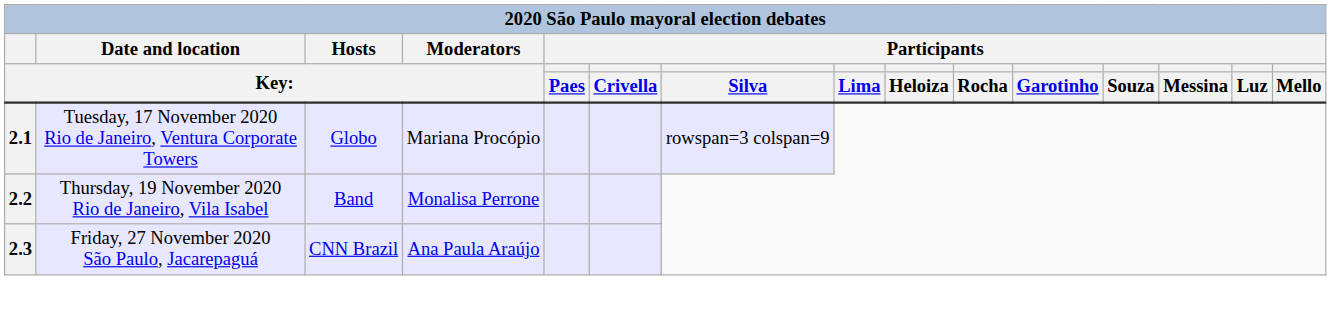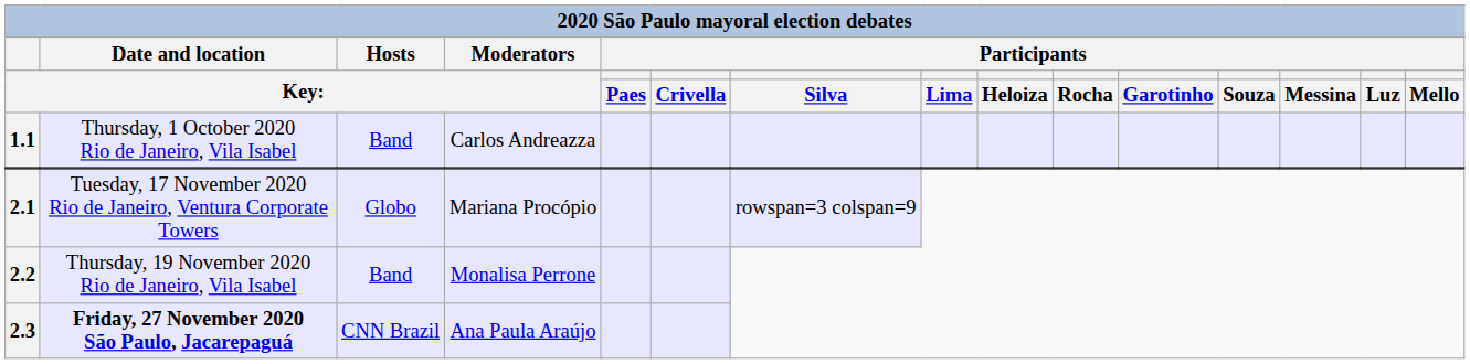 <table class=wikitable style=text-align:center>
 <tr>
 <th colspan=15 style=background:#B0C4DE>2020 São Paulo mayoral election debates</th>
 </tr>
 <tr>
 <th></th>
 <th>Date and location</th>
 <th>Hosts</th>
 <th>Moderators</th>
 <th colspan=11 scope=col>Participants</th>
 </tr>
 <tr>
 <th colspan=4 rowspan=2>Key:<br></th>
 <th scope=col style=background:><small><a href='#'></a></small></th>
 <th scope=col style=background:><small><a href='#'></a></small></th>
 <th scope=col style=background:><small><a href='#'></a></small></th>
 <th scope=col style=background:><small><a href='#'></a></small></th>
 <th scope=col style=background:><small><a href='#'></a></small></th>
 <th scope=col style=background:><small><a href='#'></a></small></th>
 <th scope=col style=background:><small><a href='#'></a></small></th>
 <th scope=col style=background:><small><a href='#'></a></small></th>
 <th scope=col style=background:><small><a href='#'></a></small></th>
 <th scope=col style=background:><small><a href='#'></a></small></th>
 <th scope=col style=background:><small><a href='#'></a></small></th>
 </tr>
 <tr>
 <th><a href='#'>Paes</a></th>
 <th><a href='#'>Crivella</a></th>
 <th><a href='#'>Silva</a></th>
 <th><a href='#'>Lima</a></th>
 <th>Heloiza</th>
 <th>Rocha</th>
 <th><a href='#'>Garotinho</a></th>
 <th>Souza</th>
 <th>Messina</th>
 <th>Luz</th>
 <th>Mello</th>
 </tr>
+<tr style=background:#e7e7ff>
+<th scope=row style=text-align:center>1.1</th>
+<td style=max-width:14em>Thursday, 1 October 2020<br><a href='#'>Rio de Janeiro</a>, <a href='#'>Vila Isabel</a></td>
+<td style=max-width:12em><a href='#'>Band</a></td>
+<td style=max-width:16em>Carlos Andreazza</td>
+<td></td>
+<td></td>
+<td></td>
+<td></td>
+<td></td>
+<td></td>
+<td></td>
+<td></td>
+<td></td>
+<td></td>
+<td></td>
+</tr>
 <tr style="background:#e7e7ff; border-top: 2px solid #333333">
 <th scope=row style=text-align:center>2.1</th>
 <td style=max-width:14em>Tuesday, 17 November 2020<br><a href='#'>Rio de Janeiro</a>, <a href='#'>Ventura Corporate Towers</a></td>
 <td style=max-width:12em><a href='#'>Globo</a></td>
 <td style=max-width:16em>Mariana Procópio</td>
 <td></td>
 <td></td>
 <td>rowspan=3 colspan=9 </td>
 </tr>
 <tr style=background:#e7e7ff>
 <th scope=row style=text-align:center>2.2</th>
 <td style=max-width:14em>Thursday, 19 November 2020<br><a href='#'>Rio de Janeiro</a>, <a href='#'>Vila Isabel</a></td>
 <td style=max-width:12em><a href='#'>Band</a></td>
 <td style=max-width:16em><a href='#'>Monalisa Perrone</a></td>
 <td></td>
 <td></td>
 </tr>
 <tr style=background:#e7e7ff>
 <th scope=row style=text-align:center>2.3</th>
-<td style=max-width:14em>Friday, 27 November 2020<br><a href='#'>São Paulo</a>, <a href='#'>Jacarepaguá</a></td>
+<td style=max-width:14em><strong>Friday, 27 November 2020<br><a href='#'>São Paulo</a>, <a href='#'>Jacarepaguá</a></strong></td>
 <td style=max-width:12em><a href='#'>CNN Brazil</a></td>
 <td style=max-width:16em><a href='#'>Ana Paula Araújo</a></td>
 <td></td>
 <td></td>
 </tr>
 </table>
